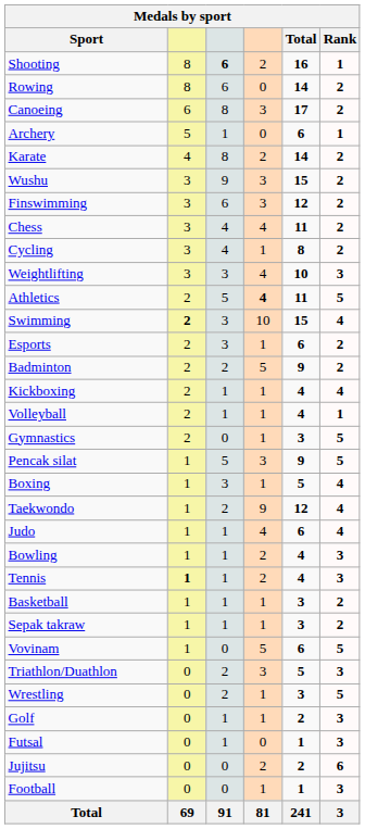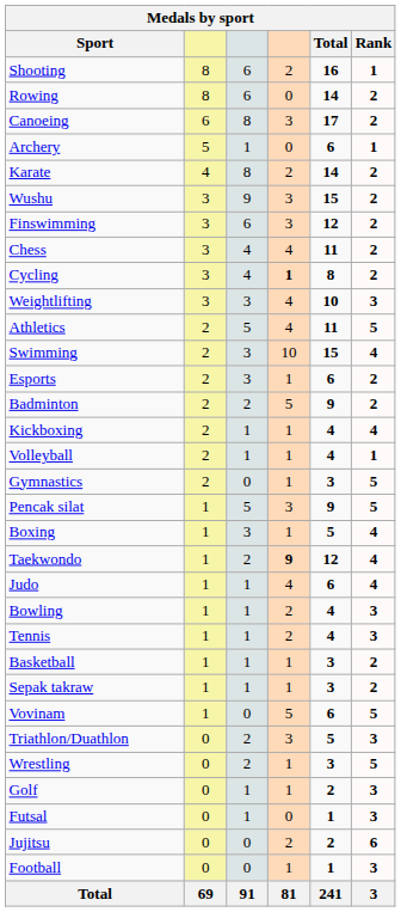 <table class="wikitable" style=font-size:85%;float:center;text-align:center>
 <tr>
 <th colspan=6><strong>Medals by sport</strong></th>
 </tr>
 <tr>
 <th width=150>Sport</th>
 <th scope="col" width=30 style="background:#F7F6A8;"></th>
 <th scope="col" width=30 style="background:#DCE5E5;"></th>
 <th scope="col" width=30 style="background:#FFDAB9;"></th>
 <th width=30>Total</th>
 <th width=30>Rank</th>
 </tr>
 <tr>
 <td align=left><a href='#'>Shooting</a></td>
 <td style="background:#F7F6A8;">8</td>
-<td style="background:#DCE5E5;"><strong>6</strong></td>
+<td style="background:#DCE5E5;">6</td>
 <td style="background:#FFDAB9;">2</td>
 <td><strong>16</strong></td>
 <td style="background:#FFFAFA;"><strong>1</strong></td>
 </tr>
 <tr>
 <td align=left><a href='#'>Rowing</a></td>
 <td style="background:#F7F6A8;">8</td>
 <td style="background:#DCE5E5;">6</td>
 <td style="background:#FFDAB9;">0</td>
 <td><strong>14</strong></td>
 <td style="background:#FFFAFA;"><strong>2</strong></td>
 </tr>
 <tr>
 <td align=left><a href='#'>Canoeing</a></td>
 <td style="background:#F7F6A8;">6</td>
 <td style="background:#DCE5E5;">8</td>
 <td style="background:#FFDAB9;">3</td>
 <td><strong>17</strong></td>
 <td style="background:#FFFAFA;"><strong>2</strong></td>
 </tr>
 <tr>
 <td align=left><a href='#'>Archery</a></td>
 <td style="background:#F7F6A8;">5</td>
 <td style="background:#DCE5E5;">1</td>
 <td style="background:#FFDAB9;">0</td>
 <td><strong>6</strong></td>
 <td style="background:#FFFAFA;"><strong>1</strong></td>
 </tr>
 <tr>
 <td align=left><a href='#'>Karate</a></td>
 <td style="background:#F7F6A8;">4</td>
 <td style="background:#DCE5E5;">8</td>
 <td style="background:#FFDAB9;">2</td>
 <td><strong>14</strong></td>
 <td style="background:#FFFAFA;"><strong>2</strong></td>
 </tr>
 <tr>
 <td align=left><a href='#'>Wushu</a></td>
 <td style="background:#F7F6A8;">3</td>
 <td style="background:#DCE5E5;">9</td>
 <td style="background:#FFDAB9;">3</td>
 <td><strong>15</strong></td>
 <td style="background:#FFFAFA;"><strong>2</strong></td>
 </tr>
 <tr>
 <td align=left><a href='#'>Finswimming</a></td>
 <td style="background:#F7F6A8;">3</td>
 <td style="background:#DCE5E5;">6</td>
 <td style="background:#FFDAB9;">3</td>
 <td><strong>12</strong></td>
 <td style="background:#FFFAFA;"><strong>2</strong></td>
 </tr>
 <tr>
 <td align=left><a href='#'>Chess</a></td>
 <td style="background:#F7F6A8;">3</td>
 <td style="background:#DCE5E5;">4</td>
 <td style="background:#FFDAB9;">4</td>
 <td><strong>11</strong></td>
 <td style="background:#FFFAFA;"><strong>2</strong></td>
 </tr>
 <tr>
 <td align=left><a href='#'>Cycling</a></td>
 <td style="background:#F7F6A8;">3</td>
 <td style="background:#DCE5E5;">4</td>
-<td style="background:#FFDAB9;">1</td>
+<td style="background:#FFDAB9;"><strong>1</strong></td>
 <td><strong>8</strong></td>
 <td style="background:#FFFAFA;"><strong>2</strong></td>
 </tr>
 <tr>
 <td align=left><a href='#'>Weightlifting</a></td>
 <td style="background:#F7F6A8;">3</td>
 <td style="background:#DCE5E5;">3</td>
 <td style="background:#FFDAB9;">4</td>
 <td><strong>10</strong></td>
 <td style="background:#FFFAFA;"><strong>3</strong></td>
 </tr>
 <tr>
 <td align=left><a href='#'>Athletics</a></td>
 <td style="background:#F7F6A8;">2</td>
 <td style="background:#DCE5E5;">5</td>
-<td style="background:#FFDAB9;"><strong>4</strong></td>
+<td style="background:#FFDAB9;">4</td>
 <td><strong>11</strong></td>
 <td style="background:#FFFAFA;"><strong>5</strong></td>
 </tr>
 <tr>
 <td align=left><a href='#'>Swimming</a></td>
-<td style="background:#F7F6A8;"><strong>2</strong></td>
+<td style="background:#F7F6A8;">2</td>
 <td style="background:#DCE5E5;">3</td>
 <td style="background:#FFDAB9;">10</td>
 <td><strong>15</strong></td>
 <td style="background:#FFFAFA;"><strong>4</strong></td>
 </tr>
 <tr>
 <td align=left><a href='#'>Esports</a></td>
 <td style="background:#F7F6A8;">2</td>
 <td style="background:#DCE5E5;">3</td>
 <td style="background:#FFDAB9;">1</td>
 <td><strong>6</strong></td>
 <td style="background:#FFFAFA;"><strong>2</strong></td>
 </tr>
 <tr>
 <td align=left><a href='#'>Badminton</a></td>
 <td style="background:#F7F6A8;">2</td>
 <td style="background:#DCE5E5;">2</td>
 <td style="background:#FFDAB9;">5</td>
 <td><strong>9</strong></td>
 <td style="background:#FFFAFA;"><strong>2</strong></td>
 </tr>
 <tr>
 <td align=left><a href='#'>Kickboxing</a></td>
 <td style="background:#F7F6A8;">2</td>
 <td style="background:#DCE5E5;">1</td>
 <td style="background:#FFDAB9;">1</td>
 <td><strong>4</strong></td>
 <td style="background:#FFFAFA;"><strong>4</strong></td>
 </tr>
 <tr>
 <td align=left><a href='#'>Volleyball</a></td>
 <td style="background:#F7F6A8;">2</td>
 <td style="background:#DCE5E5;">1</td>
 <td style="background:#FFDAB9;">1</td>
 <td><strong>4</strong></td>
 <td style="background:#FFFAFA;"><strong>1</strong></td>
 </tr>
 <tr>
 <td align=left><a href='#'>Gymnastics</a></td>
 <td style="background:#F7F6A8;">2</td>
 <td style="background:#DCE5E5;">0</td>
 <td style="background:#FFDAB9;">1</td>
 <td><strong>3</strong></td>
 <td style="background:#FFFAFA;"><strong>5</strong></td>
 </tr>
 <tr>
 <td align=left><a href='#'>Pencak silat</a></td>
 <td style="background:#F7F6A8;">1</td>
 <td style="background:#DCE5E5;">5</td>
 <td style="background:#FFDAB9;">3</td>
 <td><strong>9</strong></td>
 <td style="background:#FFFAFA;"><strong>5</strong></td>
 </tr>
 <tr>
 <td align=left><a href='#'>Boxing</a></td>
 <td style="background:#F7F6A8;">1</td>
 <td style="background:#DCE5E5;">3</td>
 <td style="background:#FFDAB9;">1</td>
 <td><strong>5</strong></td>
 <td style="background:#FFFAFA;"><strong>4</strong></td>
 </tr>
 <tr>
 <td align=left><a href='#'>Taekwondo</a></td>
 <td style="background:#F7F6A8;">1</td>
 <td style="background:#DCE5E5;">2</td>
-<td style="background:#FFDAB9;">9</td>
+<td style="background:#FFDAB9;"><strong>9</strong></td>
 <td><strong>12</strong></td>
 <td style="background:#FFFAFA;"><strong>4</strong></td>
 </tr>
 <tr>
 <td align=left><a href='#'>Judo</a></td>
 <td style="background:#F7F6A8;">1</td>
 <td style="background:#DCE5E5;">1</td>
 <td style="background:#FFDAB9;">4</td>
 <td><strong>6</strong></td>
 <td style="background:#FFFAFA;"><strong>4</strong></td>
 </tr>
 <tr>
 <td align=left><a href='#'>Bowling</a></td>
 <td style="background:#F7F6A8;">1</td>
 <td style="background:#DCE5E5;">1</td>
 <td style="background:#FFDAB9;">2</td>
 <td><strong>4</strong></td>
 <td style="background:#FFFAFA;"><strong>3</strong></td>
 </tr>
 <tr>
 <td align=left><a href='#'>Tennis</a></td>
-<td style="background:#F7F6A8;"><strong>1</strong></td>
+<td style="background:#F7F6A8;">1</td>
 <td style="background:#DCE5E5;">1</td>
 <td style="background:#FFDAB9;">2</td>
 <td><strong>4</strong></td>
 <td style="background:#FFFAFA;"><strong>3</strong></td>
 </tr>
 <tr>
 <td align=left><a href='#'>Basketball</a></td>
 <td style="background:#F7F6A8;">1</td>
 <td style="background:#DCE5E5;">1</td>
 <td style="background:#FFDAB9;">1</td>
 <td><strong>3</strong></td>
 <td style="background:#FFFAFA;"><strong>2</strong></td>
 </tr>
 <tr>
 <td align=left><a href='#'>Sepak takraw</a></td>
 <td style="background:#F7F6A8;">1</td>
 <td style="background:#DCE5E5;">1</td>
 <td style="background:#FFDAB9;">1</td>
 <td><strong>3</strong></td>
 <td style="background:#FFFAFA;"><strong>2</strong></td>
 </tr>
 <tr>
 <td align=left><a href='#'>Vovinam</a></td>
 <td style="background:#F7F6A8;">1</td>
 <td style="background:#DCE5E5;">0</td>
 <td style="background:#FFDAB9;">5</td>
 <td><strong>6</strong></td>
 <td style="background:#FFFAFA;"><strong>5</strong></td>
 </tr>
 <tr>
 <td align=left><a href='#'>Triathlon/Duathlon</a></td>
 <td style="background:#F7F6A8;">0</td>
 <td style="background:#DCE5E5;">2</td>
 <td style="background:#FFDAB9;">3</td>
 <td><strong>5</strong></td>
 <td style="background:#FFFAFA;"><strong>3</strong></td>
 </tr>
 <tr>
 <td align=left><a href='#'>Wrestling</a></td>
 <td style="background:#F7F6A8;">0</td>
 <td style="background:#DCE5E5;">2</td>
 <td style="background:#FFDAB9;">1</td>
 <td><strong>3</strong></td>
 <td style="background:#FFFAFA;"><strong>5</strong></td>
 </tr>
 <tr>
 <td align=left><a href='#'>Golf</a></td>
 <td style="background:#F7F6A8;">0</td>
 <td style="background:#DCE5E5;">1</td>
 <td style="background:#FFDAB9;">1</td>
 <td><strong>2</strong></td>
 <td style="background:#FFFAFA;"><strong>3</strong></td>
 </tr>
 <tr>
 <td align=left><a href='#'>Futsal</a></td>
 <td style="background:#F7F6A8;">0</td>
 <td style="background:#DCE5E5;">1</td>
 <td style="background:#FFDAB9;">0</td>
 <td><strong>1</strong></td>
 <td style="background:#FFFAFA;"><strong>3</strong></td>
 </tr>
 <tr>
 <td align=left><a href='#'>Jujitsu</a></td>
 <td style="background:#F7F6A8;">0</td>
 <td style="background:#DCE5E5;">0</td>
 <td style="background:#FFDAB9;">2</td>
 <td><strong>2</strong></td>
 <td style="background:#FFFAFA;"><strong>6</strong></td>
 </tr>
 <tr>
 <td align=left><a href='#'>Football</a></td>
 <td style="background:#F7F6A8;">0</td>
 <td style="background:#DCE5E5;">0</td>
 <td style="background:#FFDAB9;">1</td>
 <td><strong>1</strong></td>
 <td style="background:#FFFAFA;"><strong>3</strong></td>
 </tr>
 <tr class="sortbottom">
 <th>Total</th>
 <th>69</th>
 <th>91</th>
 <th>81</th>
 <th>241</th>
 <th>3</th>
 </tr>
 </table>
